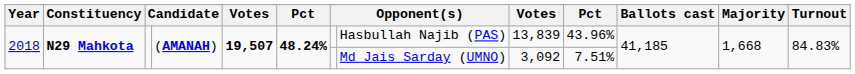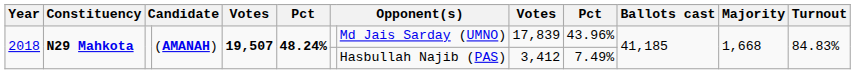 <table class="wikitable" style="margin:0.5em ; font-size:95%">
 <tr>
 <th>Year</th>
 <th>Constituency</th>
 <th colspan="2">Candidate</th>
 <th>Votes</th>
 <th>Pct</th>
 <th colspan="2">Opponent(s)</th>
 <th>Votes</th>
 <th>Pct</th>
 <th>Ballots cast</th>
 <th>Majority</th>
 <th>Turnout</th>
 </tr>
 <tr>
 <td rowspan="2"><a href='#'>2018</a></td>
 <td rowspan="2"><strong>N29 <a href='#'>Mahkota</a></strong></td>
 <td rowspan="2" ></td>
 <td rowspan="2"> (<a href='#'><strong>AMANAH</strong></a>)</td>
 <td rowspan="2" align=right><strong>19,507</strong></td>
 <td rowspan="2"><strong>48.24%</strong></td>
 <td></td>
-<td>Hasbullah Najib (<a href='#'>PAS</a>)</td>
-<td style="text-align:right;">13,839</td>
+<td><a href='#'>Md Jais Sarday</a> (<a href='#'>UMNO</a>)</td>
+<td style="text-align:right;">17,839</td>
 <td>43.96%</td>
 <td rowspan="2">41,185</td>
 <td rowspan="2">1,668</td>
 <td rowspan="2">84.83%</td>
 </tr>
 <tr>
 <td></td>
-<td><a href='#'>Md Jais Sarday</a> (<a href='#'>UMNO</a>)</td>
-<td align=right>3,092</td>
-<td align=right>7.51%</td>
+<td>Hasbullah Najib (<a href='#'>PAS</a>)</td>
+<td align=right>3,412</td>
+<td align=right>7.49%</td>
 </tr>
 </table>
